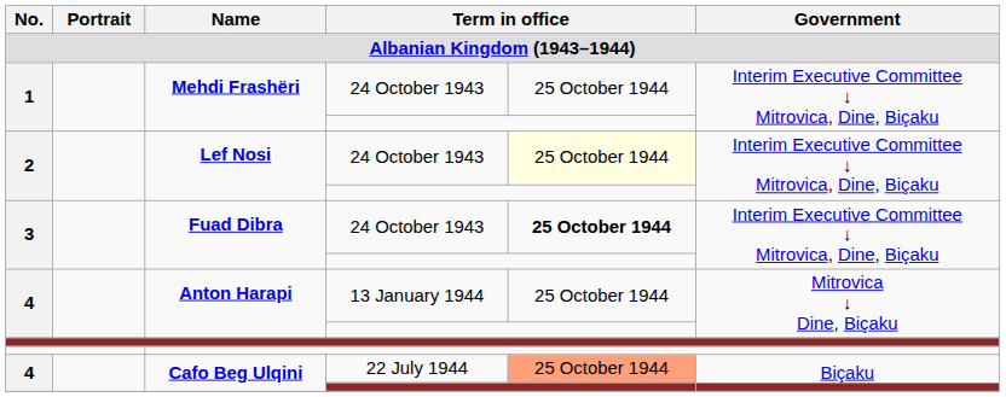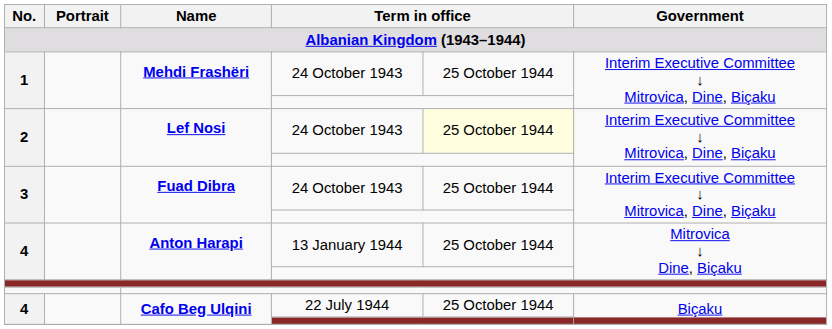 <table class="wikitable" style="text-align:center;" width="70%">
 <tr>
 <th>No.</th>
 <th>Portrait</th>
 <th>Name</th>
 <th colspan=2>Term in office</th>
 <th>Government</th>
 </tr>
 <tr>
 <td colspan="8" bgcolor="#dfdde0" align=center><strong><a href='#'>Albanian Kingdom</a> (1943–1944)</strong></td>
 </tr>
 <tr>
 <th rowspan="2">1</th>
 <td rowspan="2"></td>
 <td rowspan="2"><strong><a href='#'>Mehdi Frashëri</a></strong><br><br></td>
 <td>24 October 1943</td>
 <td>25 October 1944</td>
 <td rowspan=2><a href='#'>Interim Executive Committee</a><br>↓<br><a href='#'>Mitrovica</a>, <a href='#'>Dine</a>, <a href='#'>Biçaku</a></td>
 </tr>
 <tr>
 <td colspan="2"><em></em></td>
 </tr>
 <tr>
 <th rowspan="2">2</th>
 <td rowspan="2"></td>
 <td rowspan="2"><strong><a href='#'>Lef Nosi</a></strong><br><br></td>
 <td>24 October 1943</td>
 <td style="background: lightyellow;">25 October 1944</td>
 <td rowspan=2><a href='#'>Interim Executive Committee</a><br>↓<br><a href='#'>Mitrovica</a>, <a href='#'>Dine</a>, <a href='#'>Biçaku</a></td>
 </tr>
 <tr>
 <td colspan="2"><em></em></td>
 </tr>
 <tr>
 <th rowspan="2">3</th>
 <td rowspan="2"></td>
 <td rowspan="2"><strong><a href='#'>Fuad Dibra</a></strong><br><br></td>
 <td>24 October 1943</td>
-<td><strong>25 October 1944</strong></td>
+<td>25 October 1944</td>
 <td rowspan=2><a href='#'>Interim Executive Committee</a><br>↓<br><a href='#'>Mitrovica</a>, <a href='#'>Dine</a>, <a href='#'>Biçaku</a></td>
 </tr>
 <tr>
 <td colspan="2"><em></em></td>
 </tr>
 <tr>
 <th rowspan="2">4</th>
 <td rowspan="2"></td>
 <td rowspan="2"><strong><a href='#'>Anton Harapi</a></strong><br><br></td>
 <td>13 January 1944</td>
 <td>25 October 1944</td>
 <td rowspan=2><a href='#'>Mitrovica</a><br>↓<br><a href='#'>Dine</a>, <a href='#'>Biçaku</a></td>
 </tr>
 <tr>
 <td colspan="2"><em></em></td>
 </tr>
 <tr>
 <td colspan="6" bgcolor="#8a2827"></td>
 </tr>
 <tr>
 <td colspan="2"><em></em></td>
 </tr>
 <tr>
 <th rowspan="2">4</th>
 <td rowspan="2"></td>
 <td rowspan="2"><strong><a href='#'>Cafo Beg Ulqini</a></strong><br></td>
 <td>22 July 1944</td>
-<td style="background: lightsalmon;">25 October 1944</td>
+<td>25 October 1944</td>
 <td rowspan=2><a href='#'>Biçaku</a></td>
 </tr>
 <tr>
 <td colspan="6" bgcolor="#8a2827"></td>
 </tr>
 <tr>
 </tr>
 </table>
